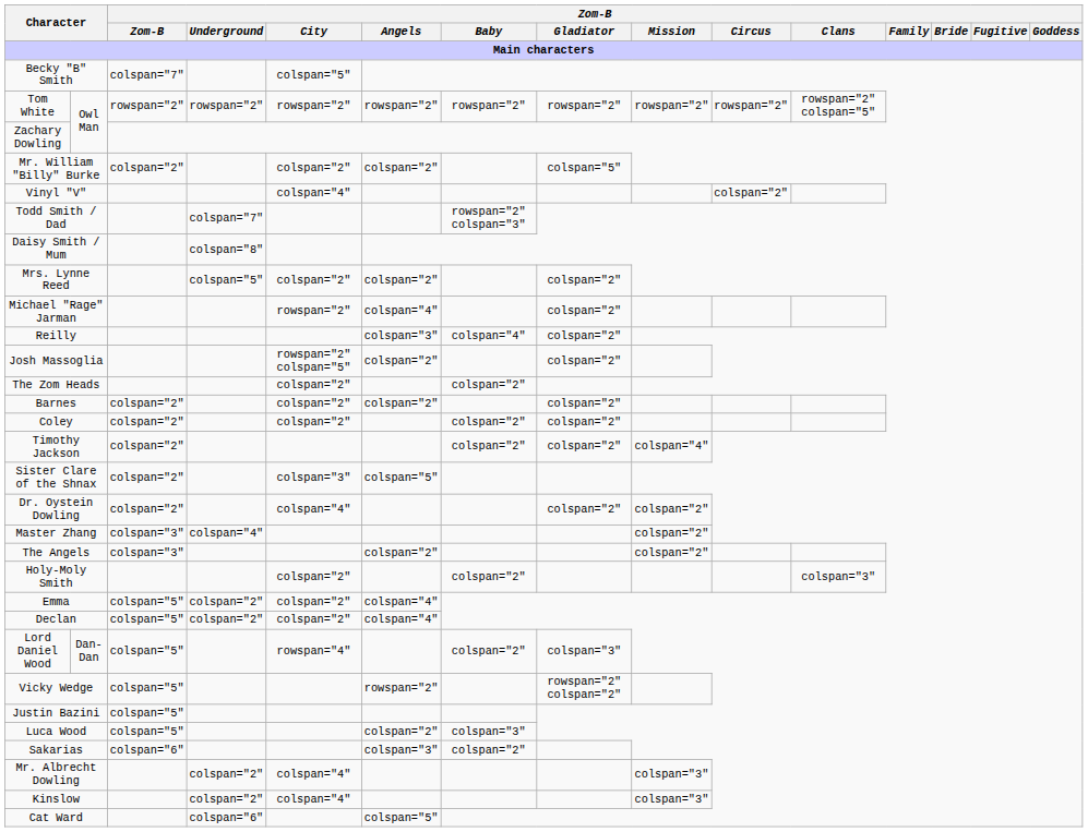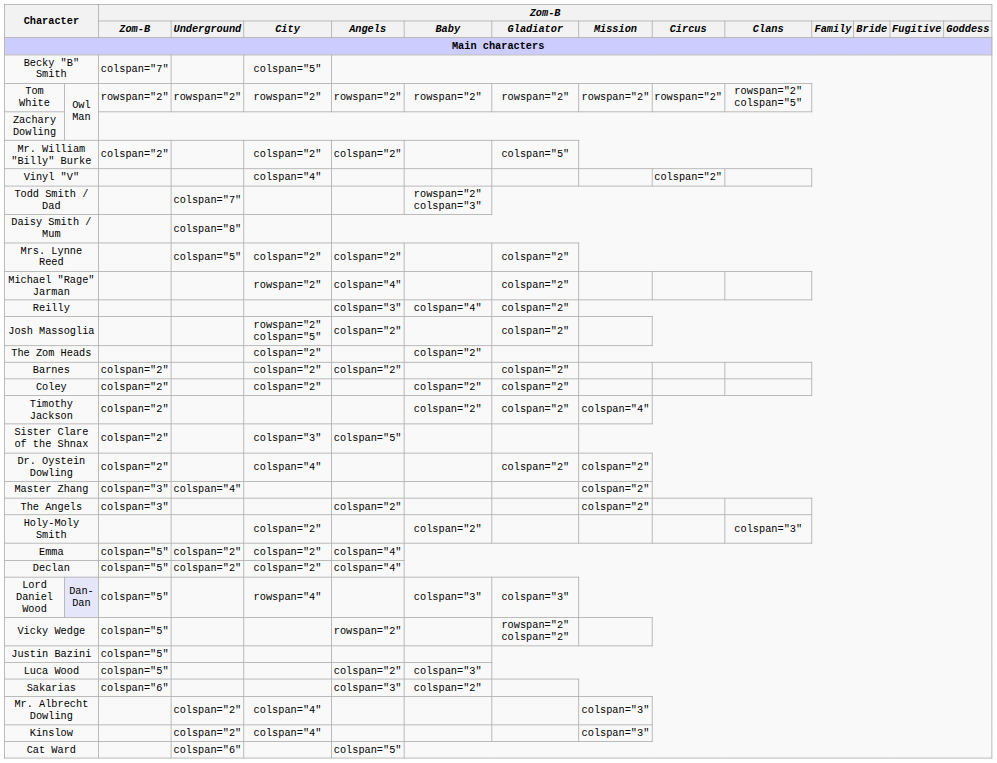 <table class="wikitable plainrowheaders" style="text-align:center;">
 <tr>
 <th scope="col" rowspan="2" colspan="2">Character</th>
 <th scope="col" colspan="13"><em>Zom-B</em></th>
 </tr>
 <tr>
 <th><em>Zom-B</em></th>
 <th><em>Underground</em></th>
 <th><em>City</em></th>
 <th><em>Angels</em></th>
 <th><em>Baby</em></th>
 <th><em>Gladiator</em></th>
 <th><em>Mission</em></th>
 <th><em>Circus</em></th>
 <th><em>Clans</em></th>
 <th><em>Family</em></th>
 <th><em>Bride</em></th>
 <th><em>Fugitive</em></th>
 <th><em>Goddess</em></th>
 </tr>
 <tr>
 <th colspan="15" style="background:#ccf;">Main characters</th>
 </tr>
 <tr>
 <td scope="row" colspan="2">Becky "B" Smith</td>
 <td>colspan="7" </td>
 <td></td>
 <td>colspan="5" </td>
 </tr>
 <tr>
 <td scope="row">Tom White</td>
 <td scope="row" rowspan="2">Owl Man</td>
 <td>rowspan="2" </td>
 <td>rowspan="2" </td>
 <td>rowspan="2" </td>
 <td>rowspan="2" </td>
 <td>rowspan="2" </td>
 <td>rowspan="2" </td>
 <td>rowspan="2" </td>
 <td>rowspan="2" </td>
 <td>rowspan="2" colspan="5" </td>
 </tr>
 <tr>
 <td scope="row">Zachary Dowling</td>
 </tr>
 <tr>
 <td scope="row" colspan="2">Mr. William "Billy" Burke</td>
 <td>colspan="2" </td>
 <td></td>
 <td>colspan="2" </td>
 <td>colspan="2" </td>
 <td></td>
 <td>colspan="5" </td>
 </tr>
 <tr>
 <td scope="row" colspan="2">Vinyl "V"</td>
 <td></td>
 <td></td>
 <td>colspan="4" </td>
 <td></td>
 <td></td>
 <td></td>
 <td></td>
 <td>colspan="2" </td>
 <td></td>
 </tr>
 <tr>
 <td scope="row" colspan="2">Todd Smith / Dad</td>
 <td></td>
 <td>colspan="7" </td>
 <td></td>
 <td></td>
 <td>rowspan="2" colspan="3" </td>
 </tr>
 <tr>
 <td scope="row" colspan="2">Daisy Smith / Mum</td>
 <td></td>
 <td>colspan="8" </td>
 <td></td>
 </tr>
 <tr>
 <td scope="row" colspan="2">Mrs. Lynne Reed</td>
 <td></td>
 <td>colspan="5" </td>
 <td>colspan="2" </td>
 <td>colspan="2" </td>
 <td></td>
 <td>colspan="2" </td>
 </tr>
 <tr>
 <td scope="row" colspan="2">Michael "Rage" Jarman</td>
 <td></td>
 <td></td>
 <td>rowspan="2" </td>
 <td>colspan="4" </td>
 <td></td>
 <td>colspan="2" </td>
 <td></td>
 <td></td>
 <td></td>
 </tr>
 <tr>
 <td scope="row" colspan="2">Reilly</td>
 <td></td>
 <td></td>
 <td></td>
 <td>colspan="3" </td>
 <td>colspan="4" </td>
 <td>colspan="2" </td>
 </tr>
 <tr>
 <td scope="row" colspan="2">Josh Massoglia</td>
 <td></td>
 <td></td>
 <td>rowspan="2" colspan="5" </td>
 <td>colspan="2" </td>
 <td></td>
 <td>colspan="2" </td>
 <td></td>
 </tr>
 <tr>
 <td scope="row" colspan="2">The Zom Heads</td>
 <td></td>
 <td></td>
 <td>colspan="2" </td>
 <td></td>
 <td>colspan="2" </td>
 <td></td>
 </tr>
 <tr>
 <td scope="row" colspan="2">Barnes</td>
 <td>colspan="2" </td>
 <td></td>
 <td>colspan="2" </td>
 <td>colspan="2" </td>
 <td></td>
 <td>colspan="2" </td>
 <td></td>
 <td></td>
 <td></td>
 </tr>
 <tr>
 <td scope="row" colspan="2">Coley</td>
 <td>colspan="2" </td>
 <td></td>
 <td>colspan="2" </td>
 <td></td>
 <td>colspan="2" </td>
 <td>colspan="2" </td>
 <td></td>
 <td></td>
 <td></td>
 </tr>
 <tr>
 <td scope="row" colspan="2">Timothy Jackson</td>
 <td>colspan="2" </td>
 <td></td>
 <td></td>
 <td></td>
 <td>colspan="2" </td>
 <td>colspan="2" </td>
 <td>colspan="4" </td>
 </tr>
 <tr>
 <td scope="row" colspan="2">Sister Clare of the Shnax</td>
 <td>colspan="2" </td>
 <td></td>
 <td>colspan="3" </td>
 <td>colspan="5" </td>
 <td></td>
 <td></td>
 </tr>
 <tr>
 <td scope="row" colspan="2">Dr. Oystein Dowling</td>
 <td>colspan="2" </td>
 <td></td>
 <td>colspan="4" </td>
 <td></td>
 <td></td>
 <td>colspan="2" </td>
 <td>colspan="2" </td>
 </tr>
 <tr>
 <td scope="row" colspan="2">Master Zhang</td>
 <td>colspan="3" </td>
 <td>colspan="4" </td>
 <td></td>
 <td></td>
 <td></td>
 <td></td>
 <td>colspan="2" </td>
 </tr>
 <tr>
 <td scope="row" colspan="2">The Angels</td>
 <td>colspan="3" </td>
 <td></td>
 <td></td>
 <td>colspan="2" </td>
 <td></td>
 <td></td>
 <td>colspan="2" </td>
 <td></td>
 <td></td>
 </tr>
 <tr>
 <td scope="row" colspan="2">Holy-Moly Smith</td>
 <td></td>
 <td></td>
 <td>colspan="2" </td>
 <td></td>
 <td>colspan="2" </td>
 <td></td>
 <td></td>
 <td></td>
 <td>colspan="3" </td>
 </tr>
 <tr>
 <td scope="row" colspan="2">Emma</td>
 <td>colspan="5" </td>
 <td>colspan="2" </td>
 <td>colspan="2" </td>
 <td>colspan="4" </td>
 </tr>
 <tr>
 <td scope="row" colspan="2">Declan</td>
 <td>colspan="5" </td>
 <td>colspan="2" </td>
 <td>colspan="2" </td>
 <td>colspan="4" </td>
 </tr>
 <tr>
 <td scope="row">Lord Daniel Wood</td>
-<td scope="row">Dan-Dan</td>
+<td scope="row" style="background: lavender;">Dan-Dan</td>
 <td>colspan="5" </td>
 <td></td>
 <td>rowspan="4" </td>
 <td></td>
-<td>colspan="2" </td>
+<td>colspan="3" </td>
 <td>colspan="3" </td>
 </tr>
 <tr>
 <td scope="row" colspan="2">Vicky Wedge</td>
 <td>colspan="5" </td>
 <td></td>
 <td></td>
 <td>rowspan="2" </td>
 <td></td>
 <td>rowspan="2" colspan="2" </td>
 <td></td>
 </tr>
 <tr>
 <td scope="row" colspan="2">Justin Bazini</td>
 <td>colspan="5" </td>
 <td></td>
 <td></td>
 <td></td>
 <td></td>
 </tr>
 <tr>
 <td scope="row" colspan="2">Luca Wood</td>
 <td>colspan="5" </td>
 <td></td>
 <td></td>
 <td>colspan="2" </td>
 <td>colspan="3" </td>
 </tr>
 <tr>
 <td scope="row" colspan="2">Sakarias</td>
 <td>colspan="6" </td>
 <td></td>
 <td></td>
 <td>colspan="3" </td>
 <td>colspan="2" </td>
 <td></td>
 </tr>
 <tr>
 <td scope="row" colspan="2">Mr. Albrecht Dowling</td>
 <td></td>
 <td>colspan="2" </td>
 <td>colspan="4" </td>
 <td></td>
 <td></td>
 <td></td>
 <td>colspan="3" </td>
 </tr>
 <tr>
 <td scope="row" colspan="2">Kinslow</td>
 <td></td>
 <td>colspan="2" </td>
 <td>colspan="4" </td>
 <td></td>
 <td></td>
 <td></td>
 <td>colspan="3" </td>
 </tr>
 <tr>
 <td scope="row" colspan="2">Cat Ward</td>
 <td></td>
 <td>colspan="6" </td>
 <td></td>
 <td>colspan="5" </td>
 </tr>
 </table>
